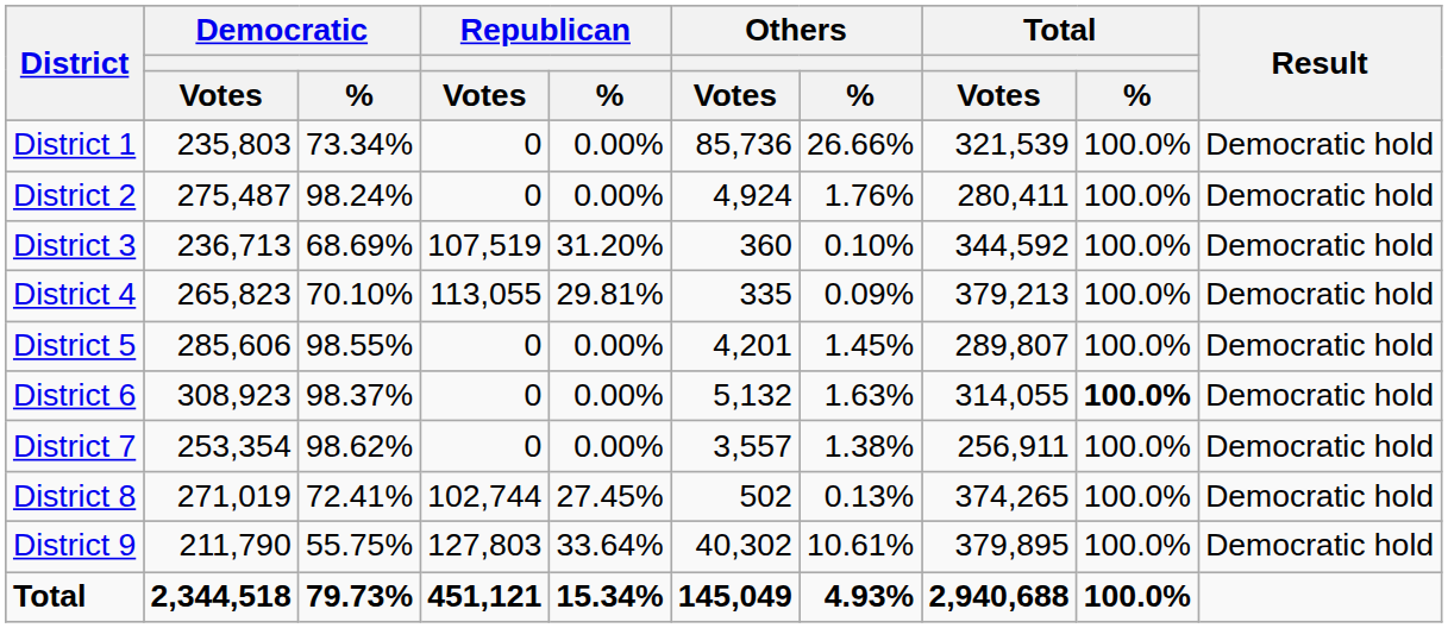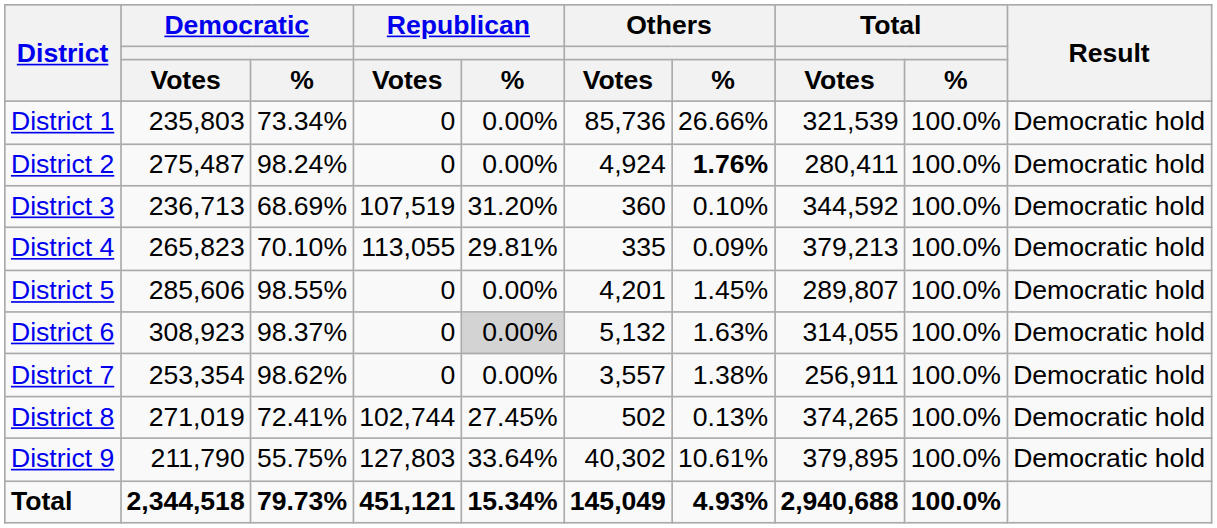 <table class="wikitable plainrowheaders sortable" style="font-size:100%; text-align:right;">
 <tr>
 <th scope=col rowspan=3><a href='#'>District</a></th>
 <th scope=col colspan=2><a href='#'>Democratic</a></th>
 <th scope=col colspan=2><a href='#'>Republican</a></th>
 <th scope=col colspan=2>Others</th>
 <th scope=col colspan=2>Total</th>
 <th scope=col rowspan=3>Result</th>
 </tr>
 <tr>
 <th scope=col colspan=2 style="background:"></th>
 <th scope=col colspan=2 style="background:"></th>
 <th scope=col colspan=2></th>
 <th scope=col colspan=2></th>
 </tr>
 <tr>
 <th scope=col data-sort-type="number">Votes</th>
 <th scope=col data-sort-type="number">%</th>
 <th scope=col data-sort-type="number">Votes</th>
 <th scope=col data-sort-type="number">%</th>
 <th scope=col data-sort-type="number">Votes</th>
 <th scope=col data-sort-type="number">%</th>
 <th scope=col data-sort-type="number">Votes</th>
 <th scope=col data-sort-type="number">%</th>
 </tr>
 <tr>
 <td align=left><a href='#'>District 1</a></td>
 <td>235,803</td>
 <td>73.34%</td>
 <td>0</td>
 <td>0.00%</td>
 <td>85,736</td>
 <td>26.66%</td>
 <td>321,539</td>
 <td>100.0%</td>
 <td align=left>Democratic hold</td>
 </tr>
 <tr>
 <td align=left><a href='#'>District 2</a></td>
 <td>275,487</td>
 <td>98.24%</td>
 <td>0</td>
 <td>0.00%</td>
 <td>4,924</td>
-<td>1.76%</td>
+<td><strong>1.76%</strong></td>
 <td>280,411</td>
 <td>100.0%</td>
 <td align=left>Democratic hold</td>
 </tr>
 <tr>
 <td align=left><a href='#'>District 3</a></td>
 <td>236,713</td>
 <td>68.69%</td>
 <td>107,519</td>
 <td>31.20%</td>
 <td>360</td>
 <td>0.10%</td>
 <td>344,592</td>
 <td>100.0%</td>
 <td align=left>Democratic hold</td>
 </tr>
 <tr>
 <td align=left><a href='#'>District 4</a></td>
 <td>265,823</td>
 <td>70.10%</td>
 <td>113,055</td>
 <td>29.81%</td>
 <td>335</td>
 <td>0.09%</td>
 <td>379,213</td>
 <td>100.0%</td>
 <td align=left>Democratic hold</td>
 </tr>
 <tr>
 <td align=left><a href='#'>District 5</a></td>
 <td>285,606</td>
 <td>98.55%</td>
 <td>0</td>
 <td>0.00%</td>
 <td>4,201</td>
 <td>1.45%</td>
 <td>289,807</td>
 <td>100.0%</td>
 <td align=left>Democratic hold</td>
 </tr>
 <tr>
 <td align=left><a href='#'>District 6</a></td>
 <td>308,923</td>
 <td>98.37%</td>
 <td>0</td>
-<td>0.00%</td>
+<td style="background: lightgrey;">0.00%</td>
 <td>5,132</td>
 <td>1.63%</td>
 <td>314,055</td>
-<td><strong>100.0%</strong></td>
+<td>100.0%</td>
 <td align=left>Democratic hold</td>
 </tr>
 <tr>
 <td align=left><a href='#'>District 7</a></td>
 <td>253,354</td>
 <td>98.62%</td>
 <td>0</td>
 <td>0.00%</td>
 <td>3,557</td>
 <td>1.38%</td>
 <td>256,911</td>
 <td>100.0%</td>
 <td align=left>Democratic hold</td>
 </tr>
 <tr>
 <td align=left><a href='#'>District 8</a></td>
 <td>271,019</td>
 <td>72.41%</td>
 <td>102,744</td>
 <td>27.45%</td>
 <td>502</td>
 <td>0.13%</td>
 <td>374,265</td>
 <td>100.0%</td>
 <td align=left>Democratic hold</td>
 </tr>
 <tr>
 <td align=left><a href='#'>District 9</a></td>
 <td>211,790</td>
 <td>55.75%</td>
 <td>127,803</td>
 <td>33.64%</td>
 <td>40,302</td>
 <td>10.61%</td>
 <td>379,895</td>
 <td>100.0%</td>
 <td align=left>Democratic hold</td>
 </tr>
 <tr class="sortbottom" style="font-weight:bold">
 <td align=left>Total</td>
 <td>2,344,518</td>
 <td>79.73%</td>
 <td>451,121</td>
 <td>15.34%</td>
 <td>145,049</td>
 <td>4.93%</td>
 <td>2,940,688</td>
 <td>100.0%</td>
 <td></td>
 </tr>
 </table>
